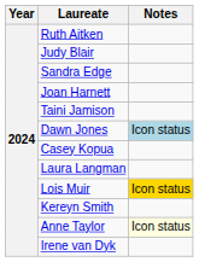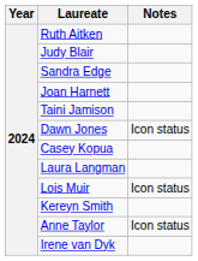 <table class="wikitable">
 <tr>
 <th>Year</th>
 <th>Laureate</th>
 <th>Notes</th>
 </tr>
 <tr>
 <th rowspan=12>2024</th>
 <td><a href='#'>Ruth Aitken</a></td>
 <td></td>
 </tr>
 <tr>
 <td><a href='#'>Judy Blair</a></td>
 <td></td>
 </tr>
 <tr>
 <td><a href='#'>Sandra Edge</a></td>
 <td></td>
 </tr>
 <tr>
 <td><a href='#'>Joan Harnett</a></td>
 <td></td>
 </tr>
 <tr>
 <td><a href='#'>Taini Jamison</a></td>
 <td></td>
 </tr>
 <tr>
 <td><a href='#'>Dawn Jones</a></td>
-<td style="background: lightblue;">Icon status</td>
+<td>Icon status</td>
 </tr>
 <tr>
 <td><a href='#'>Casey Kopua</a></td>
 <td></td>
 </tr>
 <tr>
 <td><a href='#'>Laura Langman</a></td>
 <td></td>
 </tr>
 <tr>
 <td><a href='#'>Lois Muir</a></td>
-<td style="background: gold;">Icon status</td>
+<td>Icon status</td>
 </tr>
 <tr>
 <td><a href='#'>Kereyn Smith</a></td>
 <td></td>
 </tr>
 <tr>
 <td><a href='#'>Anne Taylor</a></td>
-<td style="background: lightyellow;">Icon status</td>
+<td>Icon status</td>
 </tr>
 <tr>
 <td><a href='#'>Irene van Dyk</a></td>
 <td></td>
 </tr>
 </table>
